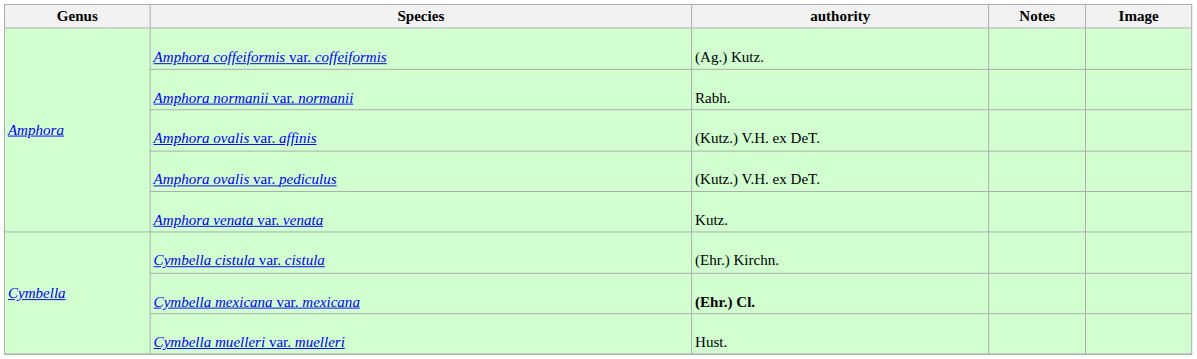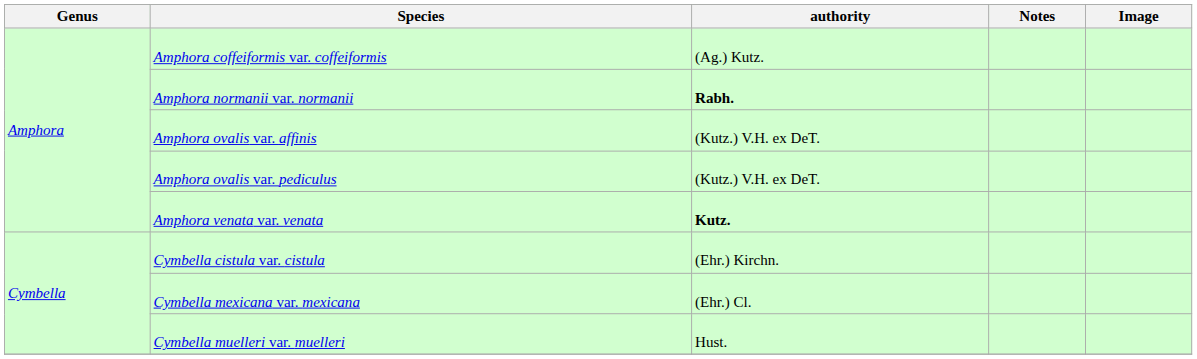 <table class="wikitable" align="center" width="100%" style="background:#D1FFCF;">
 <tr>
 <th>Genus</th>
 <th>Species</th>
 <th>authority</th>
 <th>Notes</th>
 <th>Image</th>
 </tr>
 <tr>
 <td rowspan=5><em><a href='#'>Amphora</a></em></td>
 <td><br><a href='#'><em>Amphora coffeiformis</em> var. <em>coffeiformis</em></a></td>
 <td><br>(Ag.) Kutz.</td>
 <td></td>
 <td></td>
 </tr>
 <tr>
 <td><br><a href='#'><em>Amphora normanii</em> var. <em>normanii</em></a></td>
-<td><br>Rabh.</td>
+<td><strong><br>Rabh.</strong></td>
 <td></td>
 <td></td>
 </tr>
 <tr>
 <td><br><a href='#'><em>Amphora ovalis</em> var. <em>affinis</em></a></td>
 <td><br>(Kutz.) V.H. ex DeT.</td>
 <td></td>
 <td></td>
 </tr>
 <tr>
 <td><br><a href='#'><em>Amphora ovalis</em> var. <em>pediculus</em></a></td>
 <td><br>(Kutz.) V.H. ex DeT.</td>
 <td></td>
 <td></td>
 </tr>
 <tr>
 <td><br><a href='#'><em>Amphora venata</em> var. <em>venata</em></a></td>
-<td><br>Kutz.</td>
+<td><strong><br>Kutz.</strong></td>
 <td></td>
 <td></td>
 </tr>
 <tr>
 <td rowspan=3><em><a href='#'>Cymbella</a></em></td>
 <td><br><a href='#'><em>Cymbella cistula</em> var. <em>cistula</em></a></td>
 <td><br>(Ehr.) Kirchn.</td>
 <td></td>
 <td></td>
 </tr>
 <tr>
 <td><br><a href='#'><em>Cymbella mexicana</em> var. <em>mexicana</em></a></td>
-<td><strong><br>(Ehr.) Cl.</strong></td>
+<td><br>(Ehr.) Cl.</td>
 <td></td>
 <td></td>
 </tr>
 <tr>
 <td><br><a href='#'><em>Cymbella muelleri</em> var. <em>muelleri</em></a></td>
 <td><br>Hust.</td>
 <td></td>
 <td></td>
 </tr>
 <tr>
 </tr>
 </table>
